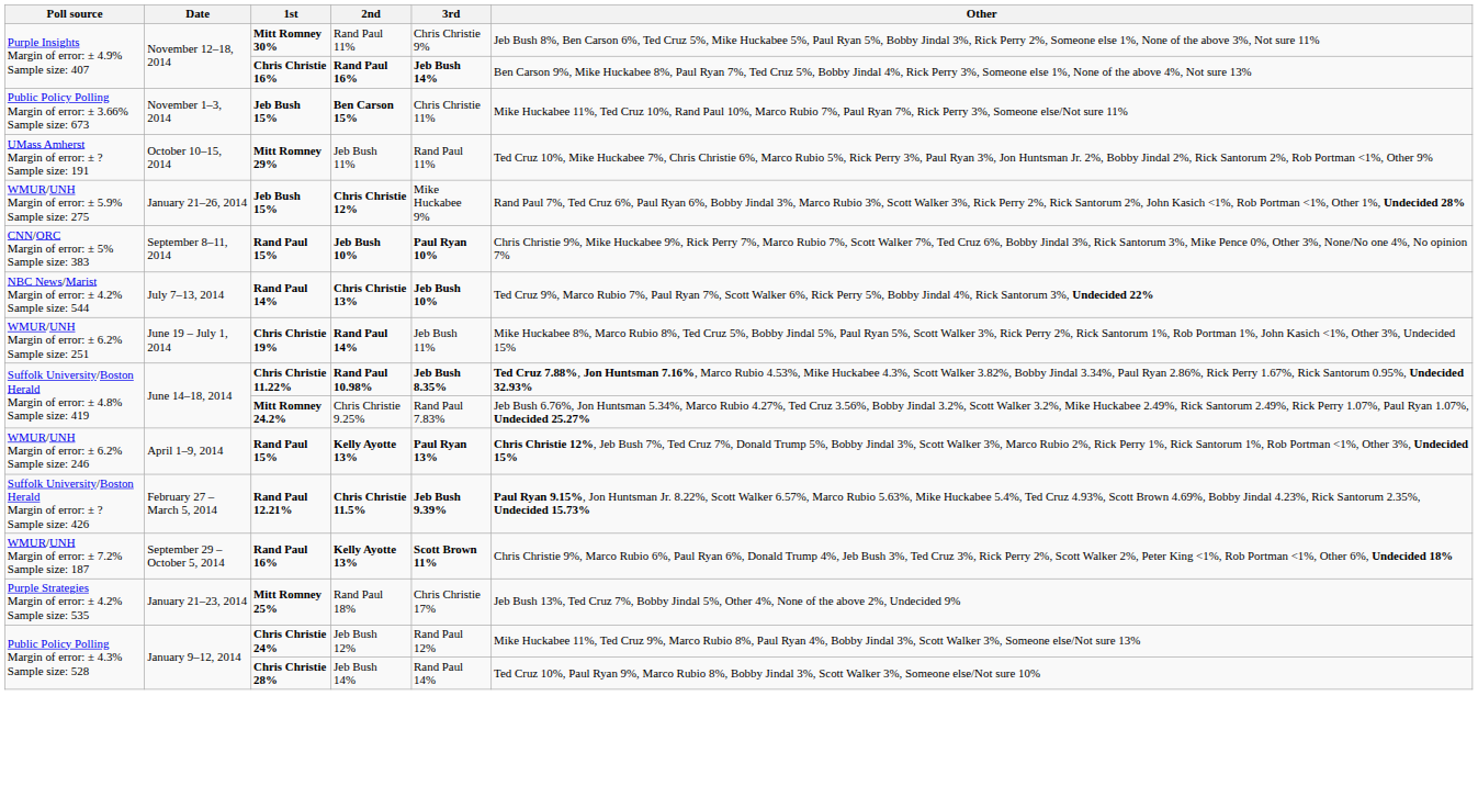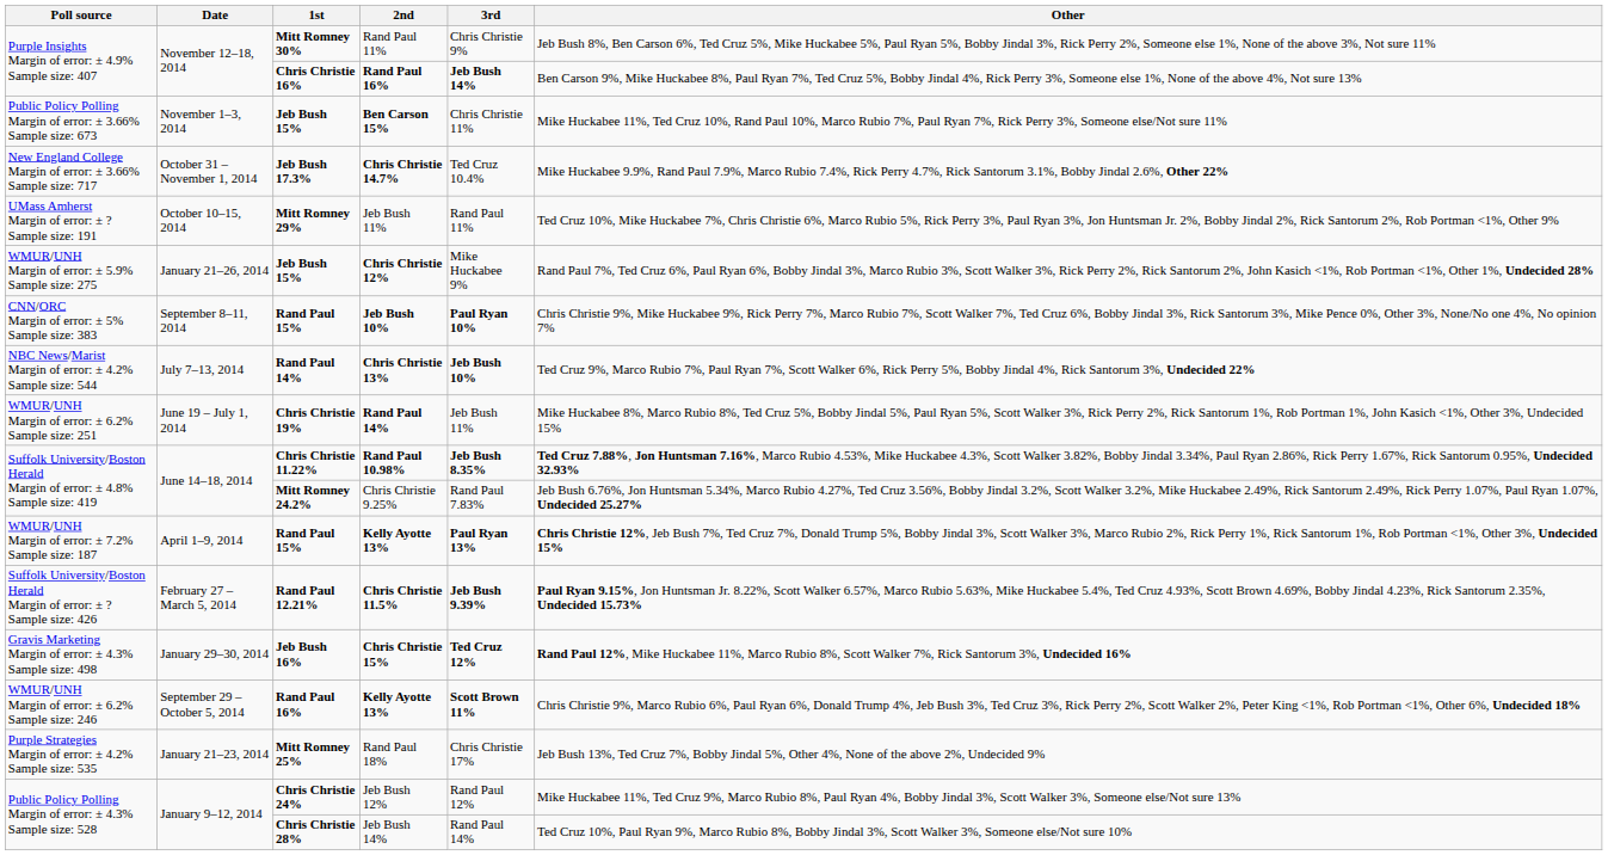 <table class="wikitable">
 <tr>
 <th style="width:180px;">Poll source</th>
 <th style="width:135px;">Date</th>
 <th style="width:100px;">1st</th>
 <th style="width:100px;">2nd</th>
 <th style="width:100px;">3rd</th>
 <th>Other</th>
 </tr>
 <tr>
 <td rowspan=2><a href='#'>Purple Insights</a><br>Margin of error: ± 4.9% <br>Sample size: 407</td>
 <td rowspan=2>November 12–18, 2014</td>
 <td><strong>Mitt Romney<br>30%</strong></td>
 <td>Rand Paul<br>11%</td>
 <td>Chris Christie<br>9%</td>
 <td>Jeb Bush 8%, Ben Carson 6%, Ted Cruz 5%, Mike Huckabee 5%, Paul Ryan 5%, Bobby Jindal 3%, Rick Perry 2%, Someone else 1%, None of the above 3%, Not sure 11%</td>
 </tr>
 <tr>
 <td><strong>Chris Christie<br>16%</strong></td>
 <td><strong>Rand Paul<br>16%</strong></td>
 <td><strong>Jeb Bush<br>14%</strong></td>
 <td>Ben Carson 9%, Mike Huckabee 8%, Paul Ryan 7%, Ted Cruz 5%, Bobby Jindal 4%, Rick Perry 3%, Someone else 1%, None of the above 4%, Not sure 13%</td>
 </tr>
 <tr>
 <td><a href='#'>Public Policy Polling</a><br>Margin of error: ± 3.66% <br>Sample size: 673</td>
 <td>November 1–3, 2014</td>
 <td><strong>Jeb Bush<br>15%</strong></td>
 <td><strong>Ben Carson<br>15%</strong></td>
 <td>Chris Christie<br>11%</td>
 <td>Mike Huckabee 11%, Ted Cruz 10%, Rand Paul 10%, Marco Rubio 7%, Paul Ryan 7%, Rick Perry 3%, Someone else/Not sure 11%</td>
+</tr>
+<tr>
+<td><a href='#'>New England College</a><br>Margin of error: ± 3.66% <br>Sample size: 717</td>
+<td>October 31 – November 1, 2014</td>
+<td><strong>Jeb Bush<br>17.3%</strong></td>
+<td><strong>Chris Christie<br>14.7%</strong></td>
+<td>Ted Cruz<br>10.4%</td>
+<td>Mike Huckabee 9.9%, Rand Paul 7.9%, Marco Rubio 7.4%, Rick Perry 4.7%, Rick Santorum 3.1%, Bobby Jindal 2.6%, <span><strong>Other 22%</strong></span></td>
 </tr>
 <tr>
 <td><a href='#'>UMass Amherst</a><br>Margin of error: ± ? <br>Sample size: 191</td>
 <td>October 10–15, 2014</td>
 <td><strong>Mitt Romney<br>29%</strong></td>
 <td>Jeb Bush<br>11%</td>
 <td>Rand Paul<br>11%</td>
 <td>Ted Cruz 10%, Mike Huckabee 7%, Chris Christie 6%, Marco Rubio 5%, Rick Perry 3%, Paul Ryan 3%, Jon Huntsman Jr. 2%, Bobby Jindal 2%, Rick Santorum 2%, Rob Portman <1%, Other 9%</td>
 </tr>
 <tr>
 <td><a href='#'>WMUR</a>/<a href='#'>UNH</a><br>Margin of error: ± 5.9% <br>Sample size: 275</td>
 <td>January 21–26, 2014</td>
 <td><strong>Jeb Bush<br>15%</strong></td>
 <td><strong>Chris Christie<br>12%</strong></td>
 <td>Mike Huckabee<br>9%</td>
 <td>Rand Paul 7%, Ted Cruz 6%, Paul Ryan 6%, Bobby Jindal 3%, Marco Rubio 3%, Scott Walker 3%, Rick Perry 2%, Rick Santorum 2%, John Kasich <1%, Rob Portman <1%, Other 1%, <span><strong>Undecided 28%</strong></span></td>
 </tr>
 <tr>
 <td><a href='#'>CNN</a>/<a href='#'>ORC</a><br>Margin of error: ± 5% <br>Sample size: 383</td>
 <td>September 8–11, 2014</td>
 <td><strong>Rand Paul<br>15%</strong></td>
 <td><strong>Jeb Bush<br>10%</strong></td>
 <td><strong>Paul Ryan<br>10%</strong></td>
 <td>Chris Christie 9%, Mike Huckabee 9%, Rick Perry 7%, Marco Rubio 7%, Scott Walker 7%, Ted Cruz 6%, Bobby Jindal 3%, Rick Santorum 3%, Mike Pence 0%, Other 3%, None/No one 4%, No opinion 7%</td>
 </tr>
 <tr>
 <td><a href='#'>NBC News</a>/<a href='#'>Marist</a><br>Margin of error: ± 4.2% <br>Sample size: 544</td>
 <td>July 7–13, 2014</td>
 <td><strong>Rand Paul<br>14%</strong></td>
 <td><strong>Chris Christie<br>13%</strong></td>
 <td><strong>Jeb Bush<br>10%</strong></td>
 <td>Ted Cruz 9%, Marco Rubio 7%, Paul Ryan 7%, Scott Walker 6%, Rick Perry 5%, Bobby Jindal 4%, Rick Santorum 3%, <span><strong>Undecided 22%</strong></span></td>
 </tr>
 <tr>
 <td><a href='#'>WMUR</a>/<a href='#'>UNH</a><br>Margin of error: ± 6.2% <br>Sample size: 251</td>
 <td>June 19 – July 1, 2014</td>
 <td><strong>Chris Christie<br>19%</strong></td>
 <td><strong>Rand Paul<br>14%</strong></td>
 <td>Jeb Bush<br>11%</td>
 <td>Mike Huckabee 8%, Marco Rubio 8%, Ted Cruz 5%, Bobby Jindal 5%, Paul Ryan 5%, Scott Walker 3%, Rick Perry 2%, Rick Santorum 1%, Rob Portman 1%, John Kasich <1%, Other 3%, Undecided 15%</td>
 </tr>
 <tr>
 <td rowspan=2><a href='#'>Suffolk University</a>/<a href='#'>Boston Herald</a><br>Margin of error: ± 4.8% <br>Sample size: 419</td>
 <td rowspan=2>June 14–18, 2014</td>
 <td><strong>Chris Christie<br>11.22%</strong></td>
 <td><strong>Rand Paul<br>10.98%</strong></td>
 <td><strong>Jeb Bush<br>8.35%</strong></td>
 <td><span><strong>Ted Cruz 7.88%</strong></span>, <span><strong>Jon Huntsman 7.16%</strong></span>, Marco Rubio 4.53%, Mike Huckabee 4.3%, Scott Walker 3.82%, Bobby Jindal 3.34%, Paul Ryan 2.86%, Rick Perry 1.67%, Rick Santorum 0.95%, <span><strong>Undecided 32.93%</strong></span></td>
 </tr>
 <tr>
 <td><strong>Mitt Romney<br>24.2%</strong></td>
 <td>Chris Christie<br>9.25%</td>
 <td>Rand Paul<br>7.83%</td>
 <td>Jeb Bush 6.76%, Jon Huntsman 5.34%, Marco Rubio 4.27%, Ted Cruz 3.56%, Bobby Jindal 3.2%, Scott Walker 3.2%, Mike Huckabee 2.49%, Rick Santorum 2.49%, Rick Perry 1.07%, Paul Ryan 1.07%, <span><strong>Undecided 25.27%</strong></span></td>
 </tr>
 <tr>
-<td><a href='#'>WMUR</a>/<a href='#'>UNH</a><br>Margin of error: ± 6.2% <br>Sample size: 246</td>
+<td><a href='#'>WMUR</a>/<a href='#'>UNH</a><br>Margin of error: ± 7.2% <br>Sample size: 187</td>
 <td>April 1–9, 2014</td>
 <td><strong>Rand Paul<br>15%</strong></td>
 <td><strong>Kelly Ayotte<br>13%</strong></td>
 <td><strong>Paul Ryan<br>13%</strong></td>
 <td><span><strong>Chris Christie 12%</strong></span>, Jeb Bush 7%, Ted Cruz 7%, Donald Trump 5%, Bobby Jindal 3%, Scott Walker 3%, Marco Rubio 2%, Rick Perry 1%, Rick Santorum 1%, Rob Portman <1%, Other 3%, <span><strong>Undecided 15%</strong></span></td>
 </tr>
 <tr>
 <td><a href='#'>Suffolk University</a>/<a href='#'>Boston Herald</a><br>Margin of error: ± ? <br>Sample size: 426</td>
 <td>February 27 – March 5, 2014</td>
 <td><strong>Rand Paul<br>12.21%</strong></td>
 <td><strong>Chris Christie<br>11.5%</strong></td>
 <td><strong>Jeb Bush<br>9.39%</strong></td>
 <td><span><strong>Paul Ryan 9.15%</strong></span>, Jon Huntsman Jr. 8.22%, Scott Walker 6.57%, Marco Rubio 5.63%, Mike Huckabee 5.4%, Ted Cruz 4.93%, Scott Brown 4.69%, Bobby Jindal 4.23%, Rick Santorum 2.35%, <span><strong>Undecided 15.73%</strong></span></td>
 </tr>
 <tr>
-<td><a href='#'>WMUR</a>/<a href='#'>UNH</a><br>Margin of error: ± 7.2% <br>Sample size: 187</td>
+<td><a href='#'>Gravis Marketing</a><br>Margin of error: ± 4.3% <br>Sample size: 498</td>
+<td>January 29–30, 2014</td>
+<td><strong>Jeb Bush<br>16%</strong></td>
+<td><strong>Chris Christie<br>15%</strong></td>
+<td><strong>Ted Cruz<br>12%</strong></td>
+<td><span><strong>Rand Paul 12%</strong></span>, Mike Huckabee 11%, Marco Rubio 8%, Scott Walker 7%, Rick Santorum 3%, <span><strong>Undecided 16%</strong></span></td>
+</tr>
+<tr>
+<td><a href='#'>WMUR</a>/<a href='#'>UNH</a><br>Margin of error: ± 6.2% <br>Sample size: 246</td>
 <td>September 29 – October 5, 2014</td>
 <td><strong>Rand Paul<br>16%</strong></td>
 <td><strong>Kelly Ayotte<br>13%</strong></td>
 <td><strong>Scott Brown<br>11%</strong></td>
 <td>Chris Christie 9%, Marco Rubio 6%, Paul Ryan 6%, Donald Trump 4%, Jeb Bush 3%, Ted Cruz 3%, Rick Perry 2%, Scott Walker 2%, Peter King <1%, Rob Portman <1%, Other 6%, <span><strong>Undecided 18%</strong></span></td>
 </tr>
 <tr>
 <td><a href='#'>Purple Strategies</a><br>Margin of error: ± 4.2% <br>Sample size: 535</td>
 <td>January 21–23, 2014</td>
 <td><strong>Mitt Romney<br>25%</strong></td>
 <td>Rand Paul<br>18%</td>
 <td>Chris Christie<br>17%</td>
 <td>Jeb Bush 13%, Ted Cruz 7%, Bobby Jindal 5%, Other 4%, None of the above 2%, Undecided 9%</td>
 </tr>
 <tr>
 <td rowspan=2><a href='#'>Public Policy Polling</a><br>Margin of error: ± 4.3% <br>Sample size: 528</td>
 <td rowspan=2>January 9–12, 2014</td>
 <td><strong>Chris Christie<br>24%</strong></td>
 <td>Jeb Bush<br>12%</td>
 <td>Rand Paul<br>12%</td>
 <td>Mike Huckabee 11%, Ted Cruz 9%, Marco Rubio 8%, Paul Ryan 4%, Bobby Jindal 3%, Scott Walker 3%, Someone else/Not sure 13%</td>
 </tr>
 <tr>
 <td><strong>Chris Christie<br>28%</strong></td>
 <td>Jeb Bush<br>14%</td>
 <td>Rand Paul<br>14%</td>
 <td>Ted Cruz 10%, Paul Ryan 9%, Marco Rubio 8%, Bobby Jindal 3%, Scott Walker 3%, Someone else/Not sure 10%</td>
 </tr>
 </table>
